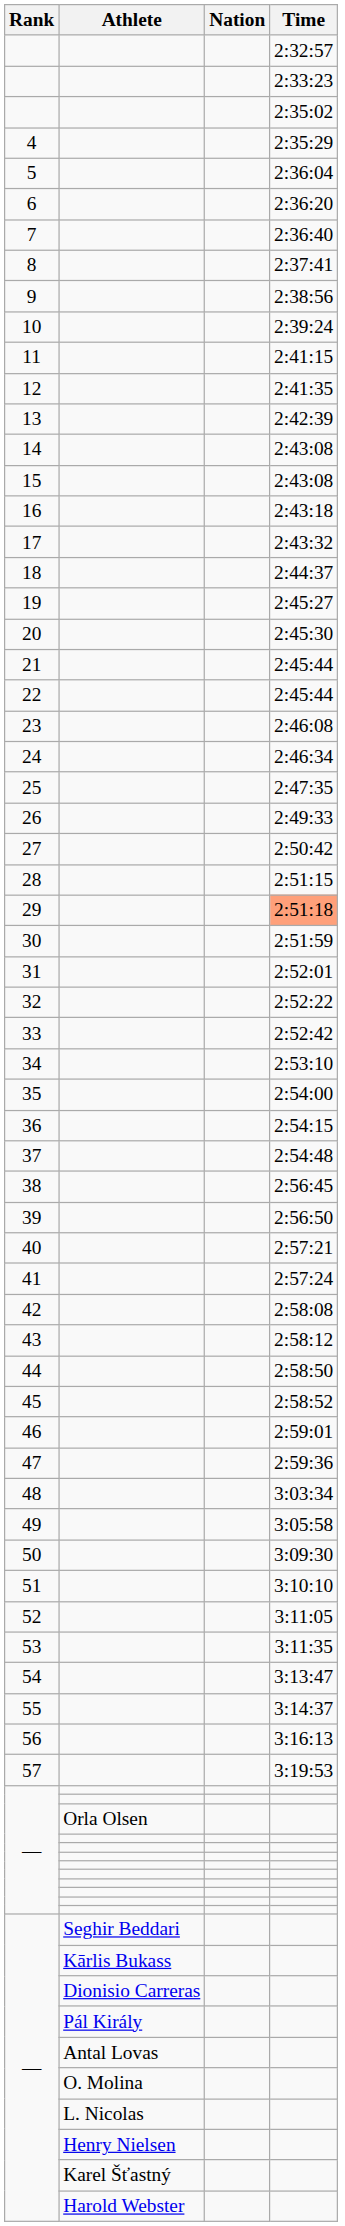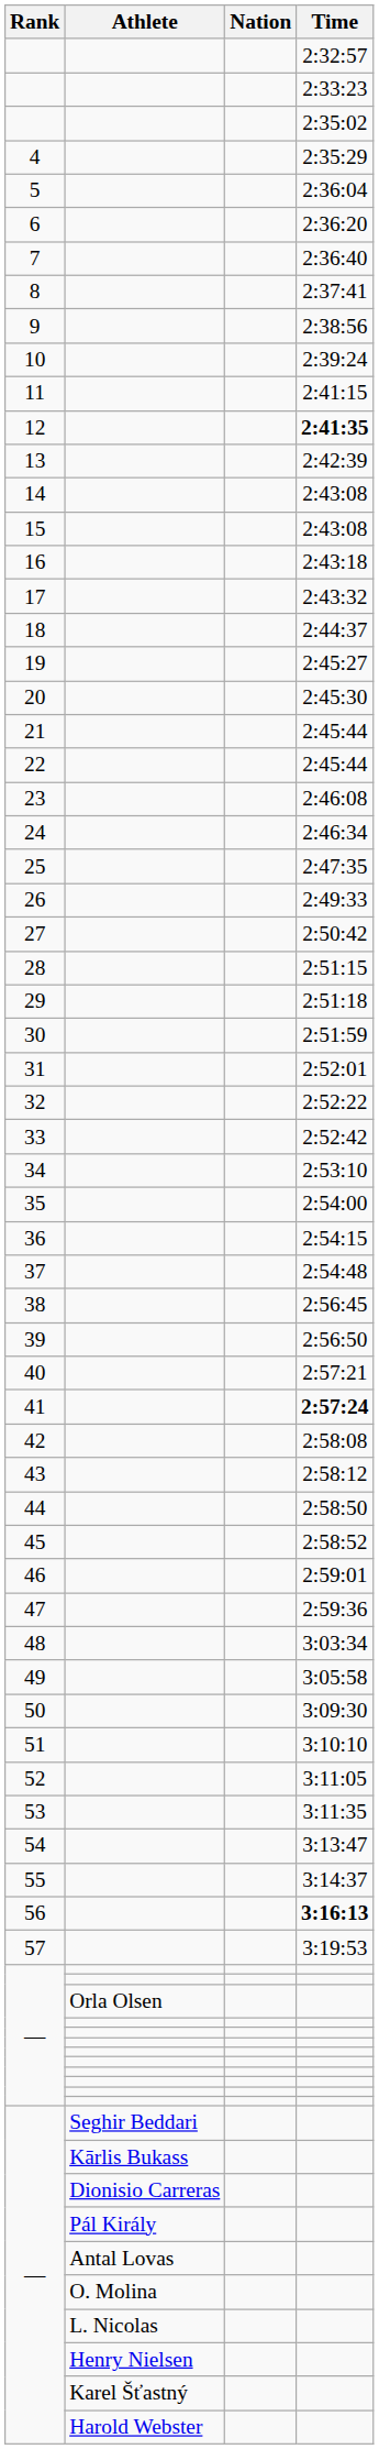 <table class="wikitable sortable" style="text-align:center">
 <tr>
 <th>Rank</th>
 <th>Athlete</th>
 <th>Nation</th>
 <th>Time</th>
 </tr>
 <tr>
 <td></td>
 <td align=left></td>
 <td align=left></td>
 <td>2:32:57</td>
 </tr>
 <tr>
 <td></td>
 <td align=left></td>
 <td align=left></td>
 <td>2:33:23</td>
 </tr>
 <tr>
 <td></td>
 <td align=left></td>
 <td align=left></td>
 <td>2:35:02</td>
 </tr>
 <tr>
 <td>4</td>
 <td align=left></td>
 <td align=left></td>
 <td>2:35:29</td>
 </tr>
 <tr>
 <td>5</td>
 <td align=left></td>
 <td align=left></td>
 <td>2:36:04</td>
 </tr>
 <tr>
 <td>6</td>
 <td align=left></td>
 <td align=left></td>
 <td>2:36:20</td>
 </tr>
 <tr>
 <td>7</td>
 <td align=left></td>
 <td align=left></td>
 <td>2:36:40</td>
 </tr>
 <tr>
 <td>8</td>
 <td align=left></td>
 <td align=left></td>
 <td>2:37:41</td>
 </tr>
 <tr>
 <td>9</td>
 <td align=left></td>
 <td align=left></td>
 <td>2:38:56</td>
 </tr>
 <tr>
 <td>10</td>
 <td align=left></td>
 <td align=left></td>
 <td>2:39:24</td>
 </tr>
 <tr>
 <td>11</td>
 <td align=left></td>
 <td align=left></td>
 <td>2:41:15</td>
 </tr>
 <tr>
 <td>12</td>
 <td align=left></td>
 <td align=left></td>
-<td>2:41:35</td>
+<td><strong>2:41:35</strong></td>
 </tr>
 <tr>
 <td>13</td>
 <td align=left></td>
 <td align=left></td>
 <td>2:42:39</td>
 </tr>
 <tr>
 <td>14</td>
 <td align=left></td>
 <td align=left></td>
 <td>2:43:08</td>
 </tr>
 <tr>
 <td>15</td>
 <td align=left></td>
 <td align=left></td>
 <td>2:43:08</td>
 </tr>
 <tr>
 <td>16</td>
 <td align=left></td>
 <td align=left></td>
 <td>2:43:18</td>
 </tr>
 <tr>
 <td>17</td>
 <td align=left></td>
 <td align=left></td>
 <td>2:43:32</td>
 </tr>
 <tr>
 <td>18</td>
 <td align=left></td>
 <td align=left></td>
 <td>2:44:37</td>
 </tr>
 <tr>
 <td>19</td>
 <td align=left></td>
 <td align=left></td>
 <td>2:45:27</td>
 </tr>
 <tr>
 <td>20</td>
 <td align=left></td>
 <td align=left></td>
 <td>2:45:30</td>
 </tr>
 <tr>
 <td>21</td>
 <td align=left></td>
 <td align=left></td>
 <td>2:45:44</td>
 </tr>
 <tr>
 <td>22</td>
 <td align=left></td>
 <td align=left></td>
 <td>2:45:44</td>
 </tr>
 <tr>
 <td>23</td>
 <td align=left></td>
 <td align=left></td>
 <td>2:46:08</td>
 </tr>
 <tr>
 <td>24</td>
 <td align=left></td>
 <td align=left></td>
 <td>2:46:34</td>
 </tr>
 <tr>
 <td>25</td>
 <td align=left></td>
 <td align=left></td>
 <td>2:47:35</td>
 </tr>
 <tr>
 <td>26</td>
 <td align=left></td>
 <td align=left></td>
 <td>2:49:33</td>
 </tr>
 <tr>
 <td>27</td>
 <td align=left></td>
 <td align=left></td>
 <td>2:50:42</td>
 </tr>
 <tr>
 <td>28</td>
 <td align=left></td>
 <td align=left></td>
 <td>2:51:15</td>
 </tr>
 <tr>
 <td>29</td>
 <td align=left></td>
 <td align=left></td>
-<td style="background: lightsalmon;">2:51:18</td>
+<td>2:51:18</td>
 </tr>
 <tr>
 <td>30</td>
 <td align=left></td>
 <td align=left></td>
 <td>2:51:59</td>
 </tr>
 <tr>
 <td>31</td>
 <td align=left></td>
 <td align=left></td>
 <td>2:52:01</td>
 </tr>
 <tr>
 <td>32</td>
 <td align=left></td>
 <td align=left></td>
 <td>2:52:22</td>
 </tr>
 <tr>
 <td>33</td>
 <td align=left></td>
 <td align=left></td>
 <td>2:52:42</td>
 </tr>
 <tr>
 <td>34</td>
 <td align=left></td>
 <td align=left></td>
 <td>2:53:10</td>
 </tr>
 <tr>
 <td>35</td>
 <td align=left></td>
 <td align=left></td>
 <td>2:54:00</td>
 </tr>
 <tr>
 <td>36</td>
 <td align=left></td>
 <td align=left></td>
 <td>2:54:15</td>
 </tr>
 <tr>
 <td>37</td>
 <td align=left></td>
 <td align=left></td>
 <td>2:54:48</td>
 </tr>
 <tr>
 <td>38</td>
 <td align=left></td>
 <td align=left></td>
 <td>2:56:45</td>
 </tr>
 <tr>
 <td>39</td>
 <td align=left></td>
 <td align=left></td>
 <td>2:56:50</td>
 </tr>
 <tr>
 <td>40</td>
 <td align=left></td>
 <td align=left></td>
 <td>2:57:21</td>
 </tr>
 <tr>
 <td>41</td>
 <td align=left></td>
 <td align=left></td>
-<td>2:57:24</td>
+<td><strong>2:57:24</strong></td>
 </tr>
 <tr>
 <td>42</td>
 <td align=left></td>
 <td align=left></td>
 <td>2:58:08</td>
 </tr>
 <tr>
 <td>43</td>
 <td align=left></td>
 <td align=left></td>
 <td>2:58:12</td>
 </tr>
 <tr>
 <td>44</td>
 <td align=left></td>
 <td align=left></td>
 <td>2:58:50</td>
 </tr>
 <tr>
 <td>45</td>
 <td align=left></td>
 <td align=left></td>
 <td>2:58:52</td>
 </tr>
 <tr>
 <td>46</td>
 <td align=left></td>
 <td align=left></td>
 <td>2:59:01</td>
 </tr>
 <tr>
 <td>47</td>
 <td align=left></td>
 <td align=left></td>
 <td>2:59:36</td>
 </tr>
 <tr>
 <td>48</td>
 <td align=left></td>
 <td align=left></td>
 <td>3:03:34</td>
 </tr>
 <tr>
 <td>49</td>
 <td align=left></td>
 <td align=left></td>
 <td>3:05:58</td>
 </tr>
 <tr>
 <td>50</td>
 <td align=left></td>
 <td align=left></td>
 <td>3:09:30</td>
 </tr>
 <tr>
 <td>51</td>
 <td align=left></td>
 <td align=left></td>
 <td>3:10:10</td>
 </tr>
 <tr>
 <td>52</td>
 <td align=left></td>
 <td align=left></td>
 <td>3:11:05</td>
 </tr>
 <tr>
 <td>53</td>
 <td align=left></td>
 <td align=left></td>
 <td>3:11:35</td>
 </tr>
 <tr>
 <td>54</td>
 <td align=left></td>
 <td align=left></td>
 <td>3:13:47</td>
 </tr>
 <tr>
 <td>55</td>
 <td align=left></td>
 <td align=left></td>
 <td>3:14:37</td>
 </tr>
 <tr>
 <td>56</td>
 <td align=left></td>
 <td align=left></td>
-<td>3:16:13</td>
+<td><strong>3:16:13</strong></td>
 </tr>
 <tr>
 <td>57</td>
 <td align=left></td>
 <td align=left></td>
 <td>3:19:53</td>
 </tr>
 <tr>
 <td rowspan=12 data-sort-value=58>—</td>
 <td align=left></td>
 <td align=left></td>
 <td data-sort-value=4:00:00></td>
 </tr>
 <tr>
 <td align=left></td>
 <td align=left></td>
 <td data-sort-value=4:00:00></td>
 </tr>
 <tr>
 <td align=left>Orla Olsen</td>
 <td align=left></td>
 <td data-sort-value=4:00:00></td>
 </tr>
 <tr>
 <td align=left></td>
 <td align=left></td>
 <td data-sort-value=4:00:00></td>
 </tr>
 <tr>
 <td align=left></td>
 <td align=left></td>
 <td data-sort-value=4:00:00></td>
 </tr>
 <tr>
 <td align=left></td>
 <td align=left></td>
 <td data-sort-value=4:00:00></td>
 </tr>
 <tr>
 <td align=left></td>
 <td align=left></td>
 <td data-sort-value=4:00:00></td>
 </tr>
 <tr>
 <td align=left></td>
 <td align=left></td>
 <td data-sort-value=4:00:00></td>
 </tr>
 <tr>
 <td align=left></td>
 <td align=left></td>
 <td data-sort-value=4:00:00></td>
 </tr>
 <tr>
 <td align=left></td>
 <td align=left></td>
 <td data-sort-value=4:00:00></td>
 </tr>
 <tr>
 <td align=left></td>
 <td align=left></td>
 <td data-sort-value=4:00:00></td>
 </tr>
 <tr>
 <td align=left></td>
 <td align=left></td>
 <td data-sort-value=4:00:00></td>
 </tr>
 <tr>
 <td rowspan=10 data-sort-value=70>—</td>
 <td align=left data-sort-value="Beddari, Seghir"><a href='#'>Seghir Beddari</a></td>
 <td align=left></td>
 <td data-sort-value=9:99:99></td>
 </tr>
 <tr>
 <td align=left data-sort-value="Bukass, Kārlis"><a href='#'>Kārlis Bukass</a></td>
 <td align=left></td>
 <td data-sort-value=9:99:99></td>
 </tr>
 <tr>
 <td align=left data-sort-value="Carreras, Dionisio"><a href='#'>Dionisio Carreras</a></td>
 <td align=left></td>
 <td data-sort-value=9:99:99></td>
 </tr>
 <tr>
 <td align=left data-sort-value="Király, Pál"><a href='#'>Pál Király</a></td>
 <td align=left></td>
 <td data-sort-value=9:99:99></td>
 </tr>
 <tr>
 <td align=left data-sort-value="Lovas, Antal">Antal Lovas</td>
 <td align=left></td>
 <td data-sort-value=9:99:99></td>
 </tr>
 <tr>
 <td align=left data-sort-value="Molina, O.">O. Molina</td>
 <td align=left></td>
 <td data-sort-value=9:99:99></td>
 </tr>
 <tr>
 <td align=left data-sort-value="Nicolas, L.">L. Nicolas</td>
 <td align=left></td>
 <td data-sort-value=9:99:99></td>
 </tr>
 <tr>
 <td align=left data-sort-value="Nielsen, Henry"><a href='#'>Henry Nielsen</a></td>
 <td align=left></td>
 <td data-sort-value=9:99:99></td>
 </tr>
 <tr>
 <td align=left data-sort-value="Šťastný, Karel">Karel Šťastný</td>
 <td align=left></td>
 <td data-sort-value=9:99:99></td>
 </tr>
 <tr>
 <td align=left data-sort-value="Webster, Harold"><a href='#'>Harold Webster</a></td>
 <td align=left></td>
 <td data-sort-value=9:99:99></td>
 </tr>
 </table>
